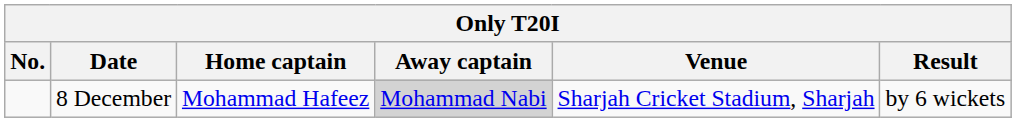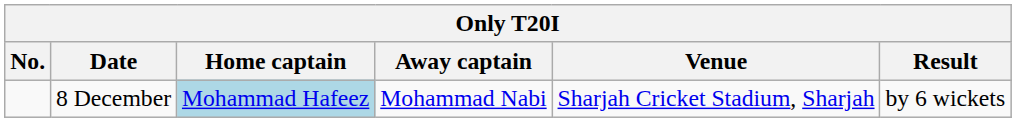 <table class="wikitable">
 <tr>
 <th colspan="9">Only T20I</th>
 </tr>
 <tr>
 <th>No.</th>
 <th>Date</th>
 <th>Home captain</th>
 <th>Away captain</th>
 <th>Venue</th>
 <th>Result</th>
 </tr>
 <tr>
 <td></td>
 <td>8 December</td>
-<td><a href='#'>Mohammad Hafeez</a></td>
-<td style="background: lightgrey;"><a href='#'>Mohammad Nabi</a></td>
+<td style="background: lightblue;"><a href='#'>Mohammad Hafeez</a></td>
+<td><a href='#'>Mohammad Nabi</a></td>
 <td><a href='#'>Sharjah Cricket Stadium</a>, <a href='#'>Sharjah</a></td>
 <td> by 6 wickets</td>
 </tr>
 </table>
